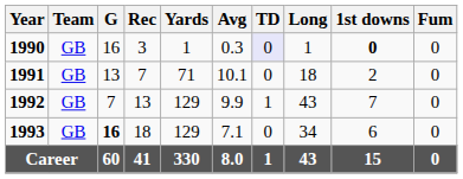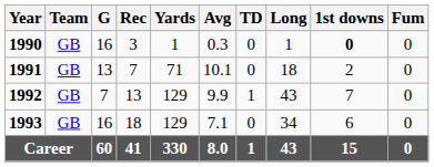 <table class="wikitable sortable" style="text-align:center;">
 <tr>
 <th>Year</th>
 <th>Team</th>
 <th>G</th>
 <th>Rec</th>
 <th>Yards</th>
 <th>Avg</th>
 <th>TD</th>
 <th>Long</th>
 <th>1st downs</th>
 <th>Fum</th>
 </tr>
 <tr>
 <td><strong>1990</strong></td>
 <td><a href='#'>GB</a></td>
 <td>16</td>
 <td>3</td>
 <td>1</td>
 <td>0.3</td>
-<td style="background: lavender;">0</td>
+<td>0</td>
 <td>1</td>
 <td><strong>0</strong></td>
 <td>0</td>
 </tr>
 <tr>
 <td><strong>1991</strong></td>
 <td><a href='#'>GB</a></td>
 <td>13</td>
 <td>7</td>
 <td>71</td>
 <td>10.1</td>
 <td>0</td>
 <td>18</td>
 <td>2</td>
 <td>0</td>
 </tr>
 <tr>
 <td><strong>1992</strong></td>
 <td><a href='#'>GB</a></td>
 <td>7</td>
 <td>13</td>
 <td>129</td>
 <td>9.9</td>
 <td>1</td>
 <td>43</td>
 <td>7</td>
 <td>0</td>
 </tr>
 <tr>
 <td><strong>1993</strong></td>
 <td><a href='#'>GB</a></td>
-<td><strong>16</strong></td>
+<td>16</td>
 <td>18</td>
 <td>129</td>
 <td>7.1</td>
 <td>0</td>
 <td>34</td>
 <td>6</td>
 <td>0</td>
 </tr>
 <tr style="background:#555555;font-weight:bold;color:white;">
 <td colspan=2>Career</td>
 <td>60</td>
 <td>41</td>
 <td>330</td>
 <td>8.0</td>
 <td>1</td>
 <td>43</td>
 <td>15</td>
 <td>0</td>
 </tr>
 <tr>
 </tr>
 </table>
